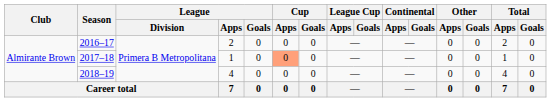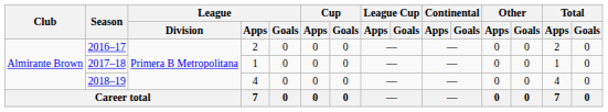 <table class="wikitable" style="text-align:center">
 <tr>
 <th rowspan="2">Club</th>
 <th rowspan="2">Season</th>
 <th colspan="3">League</th>
 <th colspan="2">Cup</th>
 <th colspan="2">League Cup</th>
 <th colspan="2">Continental</th>
 <th colspan="2">Other</th>
 <th colspan="2">Total</th>
 </tr>
 <tr>
 <th>Division</th>
 <th>Apps</th>
 <th>Goals</th>
 <th>Apps</th>
 <th>Goals</th>
 <th>Apps</th>
 <th>Goals</th>
 <th>Apps</th>
 <th>Goals</th>
 <th>Apps</th>
 <th>Goals</th>
 <th>Apps</th>
 <th>Goals</th>
 </tr>
 <tr>
 <td rowspan="3"><a href='#'>Almirante Brown</a></td>
 <td><a href='#'>2016–17</a></td>
 <td rowspan="3"><a href='#'>Primera B Metropolitana</a></td>
 <td>2</td>
 <td>0</td>
 <td>0</td>
 <td>0</td>
 <td colspan="2">—</td>
 <td colspan="2">—</td>
 <td>0</td>
 <td>0</td>
 <td>2</td>
 <td>0</td>
 </tr>
 <tr>
 <td><a href='#'>2017–18</a></td>
 <td>1</td>
 <td>0</td>
-<td style="background: lightsalmon;">0</td>
+<td>0</td>
 <td>0</td>
 <td colspan="2">—</td>
 <td colspan="2">—</td>
 <td>0</td>
 <td>0</td>
 <td>1</td>
 <td>0</td>
 </tr>
 <tr>
 <td><a href='#'>2018–19</a></td>
 <td>4</td>
 <td>0</td>
 <td>0</td>
 <td>0</td>
 <td colspan="2">—</td>
 <td colspan="2">—</td>
 <td>0</td>
 <td>0</td>
 <td>4</td>
 <td>0</td>
 </tr>
 <tr>
 <th colspan="3">Career total</th>
 <th>7</th>
 <th>0</th>
 <th>0</th>
 <th>0</th>
 <th colspan="2">—</th>
 <th colspan="2">—</th>
 <th>0</th>
 <th>0</th>
 <th>7</th>
 <th>0</th>
 </tr>
 </table>
